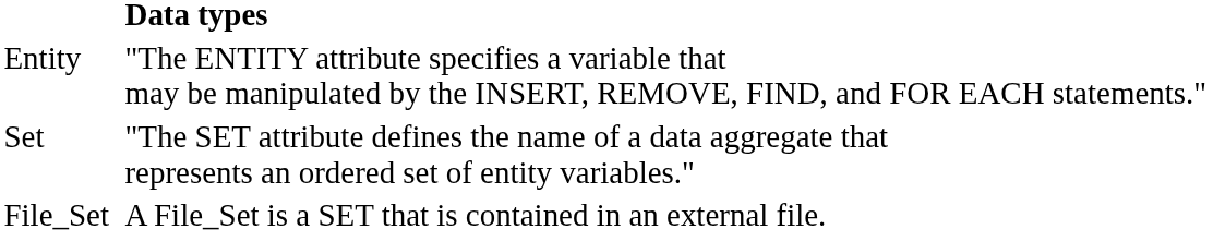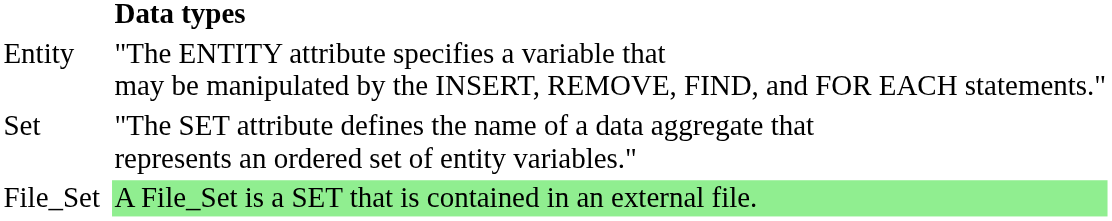 <table col=2 border=0>
 <tr>
 <th></th>
 <td colspan=2><strong>Data types</strong></td>
 </tr>
 <tr>
 <td valign="top">Entity</td>
 <td>"The ENTITY attribute specifies a variable that<br>may be manipulated by the INSERT, REMOVE, FIND, and FOR EACH statements."</td>
 </tr>
 <tr>
 <td valign="top">Set</td>
 <td>"The SET attribute defines the name of a data aggregate that<br>represents an ordered set of entity variables."</td>
 </tr>
 <tr>
 <td valign="top">File_Set </td>
-<td>A File_Set is a SET that is contained in an external  file.</td>
+<td style="background: lightgreen;">A File_Set is a SET that is contained in an external  file.</td>
 </tr>
 </table>
